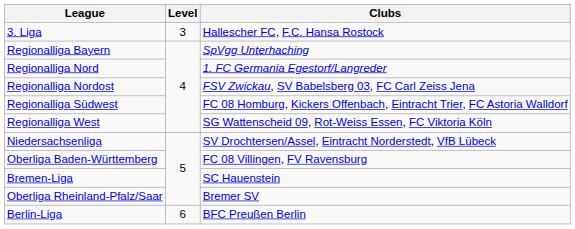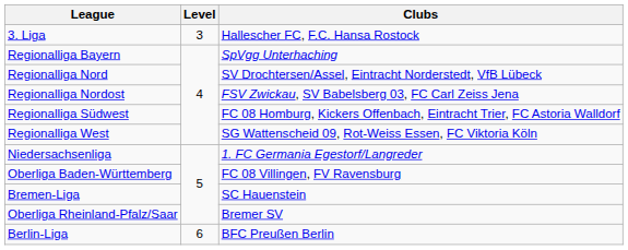 <table class="wikitable">
 <tr>
 <th>League</th>
 <th>Level</th>
 <th>Clubs</th>
 </tr>
 <tr>
 <td><a href='#'>3. Liga</a></td>
 <td align="center">3</td>
 <td><a href='#'>Hallescher FC</a>, <a href='#'>F.C. Hansa Rostock</a></td>
 </tr>
 <tr>
 <td><a href='#'>Regionalliga Bayern</a></td>
 <td rowspan="5" align="center">4</td>
 <td><em><a href='#'>SpVgg Unterhaching</a></em></td>
 </tr>
 <tr>
 <td><a href='#'>Regionalliga Nord</a></td>
-<td><em><a href='#'>1. FC Germania Egestorf/Langreder</a></em></td>
+<td><a href='#'>SV Drochtersen/Assel</a>, <a href='#'>Eintracht Norderstedt</a>, <a href='#'>VfB Lübeck</a></td>
 </tr>
 <tr>
 <td><a href='#'>Regionalliga Nordost</a></td>
 <td><em><a href='#'>FSV Zwickau</a></em>, <a href='#'>SV Babelsberg 03</a>, <a href='#'>FC Carl Zeiss Jena</a></td>
 </tr>
 <tr>
 <td><a href='#'>Regionalliga Südwest</a></td>
 <td><a href='#'>FC 08 Homburg</a>, <a href='#'>Kickers Offenbach</a>, <a href='#'>Eintracht Trier</a>, <a href='#'>FC Astoria Walldorf</a></td>
 </tr>
 <tr>
 <td><a href='#'>Regionalliga West</a></td>
 <td><a href='#'>SG Wattenscheid 09</a>, <a href='#'>Rot-Weiss Essen</a>, <a href='#'>FC Viktoria Köln</a></td>
 </tr>
 <tr>
 <td><a href='#'>Niedersachsenliga</a></td>
 <td rowspan="4" align="center">5</td>
-<td><a href='#'>SV Drochtersen/Assel</a>, <a href='#'>Eintracht Norderstedt</a>, <a href='#'>VfB Lübeck</a></td>
+<td><em><a href='#'>1. FC Germania Egestorf/Langreder</a></em></td>
 </tr>
 <tr>
 <td><a href='#'>Oberliga Baden-Württemberg</a></td>
 <td><a href='#'>FC 08 Villingen</a>, <a href='#'>FV Ravensburg</a></td>
 </tr>
 <tr>
 <td><a href='#'>Bremen-Liga</a></td>
 <td><a href='#'>SC Hauenstein</a></td>
 </tr>
 <tr>
 <td><a href='#'>Oberliga Rheinland-Pfalz/Saar</a></td>
 <td><a href='#'>Bremer SV</a></td>
 </tr>
 <tr>
 <td><a href='#'>Berlin-Liga</a></td>
 <td align="center">6</td>
 <td><a href='#'>BFC Preußen Berlin</a></td>
 </tr>
 </table>
